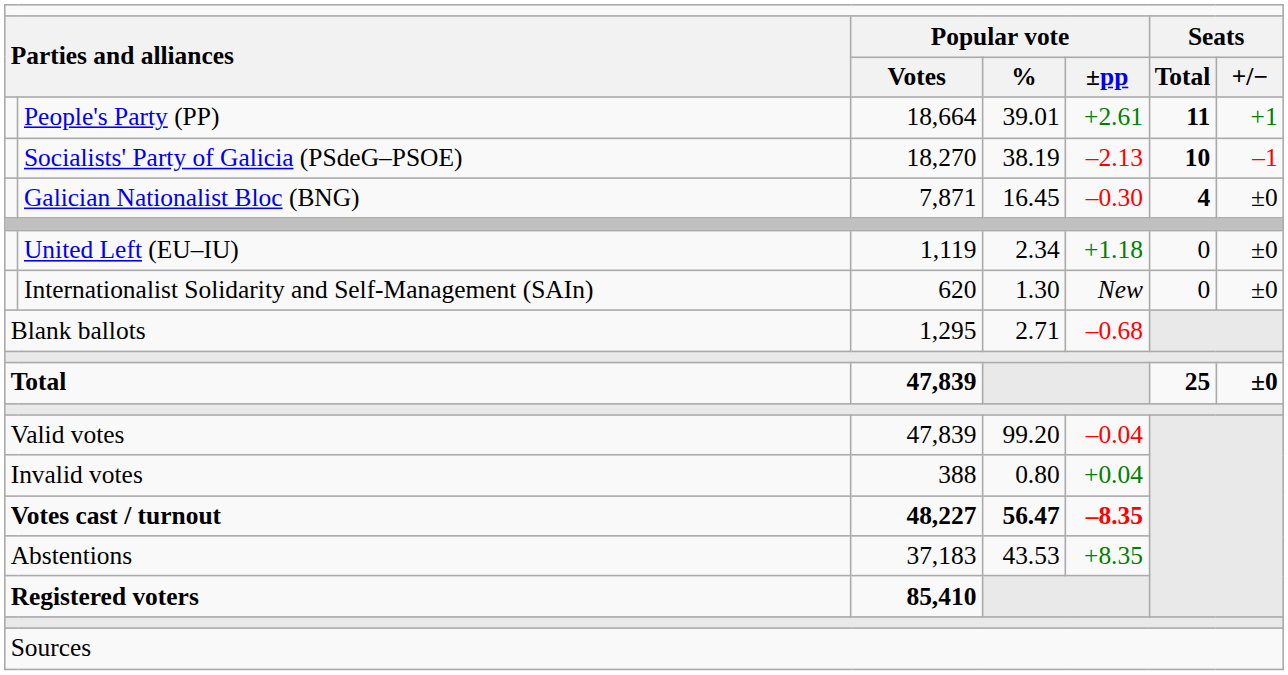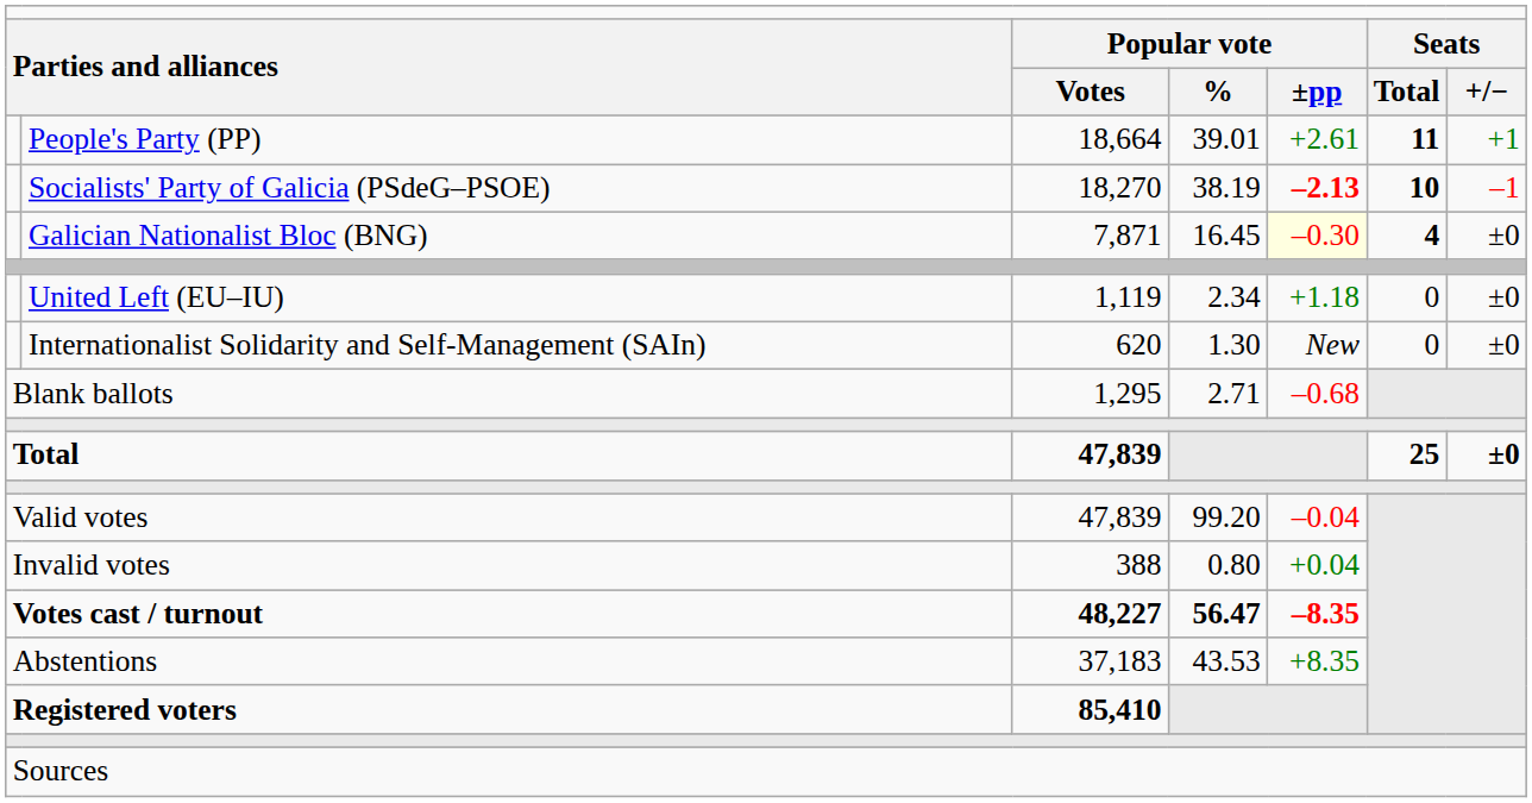 <table class="wikitable" style="text-align:right;">
 <tr>
 <td colspan="7"></td>
 </tr>
 <tr>
 <th style="text-align:left;" rowspan="2" colspan="2" width="525">Parties and alliances</th>
 <th colspan="3">Popular vote</th>
 <th colspan="2">Seats</th>
 </tr>
 <tr>
 <th width="75">Votes</th>
 <th width="45">%</th>
 <th width="45">±<a href='#'>pp</a></th>
 <th width="35">Total</th>
 <th width="35">+/−</th>
 </tr>
 <tr>
 <td width="1" style="color:inherit;background:"></td>
 <td align="left"><a href='#'>People's Party</a> (PP)</td>
 <td>18,664</td>
 <td>39.01</td>
 <td style="color:green;">+2.61</td>
 <td><strong>11</strong></td>
 <td style="color:green;">+1</td>
 </tr>
 <tr>
 <td style="color:inherit;background:"></td>
 <td align="left"><a href='#'>Socialists' Party of Galicia</a> (PSdeG–PSOE)</td>
 <td>18,270</td>
 <td>38.19</td>
-<td style="color:red;">–2.13</td>
+<td style="color:red;"><strong>–2.13</strong></td>
 <td><strong>10</strong></td>
 <td style="color:red;">–1</td>
 </tr>
 <tr>
 <td style="color:inherit;background:"></td>
 <td align="left"><a href='#'>Galician Nationalist Bloc</a> (BNG)</td>
 <td>7,871</td>
 <td>16.45</td>
-<td style="color:red;">–0.30</td>
+<td style="background: lightyellow; color:red;">–0.30</td>
 <td><strong>4</strong></td>
 <td>±0</td>
 </tr>
 <tr>
 <td colspan="7" bgcolor="#C0C0C0"></td>
 </tr>
 <tr>
 <td style="color:inherit;background:"></td>
 <td align="left"><a href='#'>United Left</a> (EU–IU)</td>
 <td>1,119</td>
 <td>2.34</td>
 <td style="color:green;">+1.18</td>
 <td>0</td>
 <td>±0</td>
 </tr>
 <tr>
 <td style="color:inherit;background:"></td>
 <td align="left">Internationalist Solidarity and Self-Management (SAIn)</td>
 <td>620</td>
 <td>1.30</td>
 <td><em>New</em></td>
 <td>0</td>
 <td>±0</td>
 </tr>
 <tr>
 <td align="left" colspan="2">Blank ballots</td>
 <td>1,295</td>
 <td>2.71</td>
 <td style="color:red;">–0.68</td>
 <td bgcolor="#E9E9E9" colspan="2"></td>
 </tr>
 <tr>
 <td colspan="7" bgcolor="#E9E9E9"></td>
 </tr>
 <tr style="font-weight:bold;">
 <td align="left" colspan="2">Total</td>
 <td>47,839</td>
 <td bgcolor="#E9E9E9" colspan="2"></td>
 <td>25</td>
 <td>±0</td>
 </tr>
 <tr>
 <td colspan="7" bgcolor="#E9E9E9"></td>
 </tr>
 <tr>
 <td align="left" colspan="2">Valid votes</td>
 <td>47,839</td>
 <td>99.20</td>
 <td style="color:red;">–0.04</td>
 <td bgcolor="#E9E9E9" colspan="2" rowspan="5"></td>
 </tr>
 <tr>
 <td align="left" colspan="2">Invalid votes</td>
 <td>388</td>
 <td>0.80</td>
 <td style="color:green;">+0.04</td>
 </tr>
 <tr style="font-weight:bold;">
 <td align="left" colspan="2">Votes cast / turnout</td>
 <td>48,227</td>
 <td>56.47</td>
 <td style="color:red;">–8.35</td>
 </tr>
 <tr>
 <td align="left" colspan="2">Abstentions</td>
 <td>37,183</td>
 <td>43.53</td>
 <td style="color:green;">+8.35</td>
 </tr>
 <tr style="font-weight:bold;">
 <td align="left" colspan="2">Registered voters</td>
 <td>85,410</td>
 <td bgcolor="#E9E9E9" colspan="2"></td>
 </tr>
 <tr>
 <td colspan="7" bgcolor="#E9E9E9"></td>
 </tr>
 <tr>
 <td align="left" colspan="7">Sources</td>
 </tr>
 </table>
